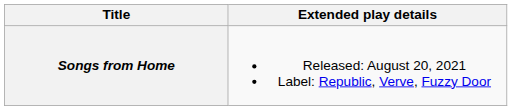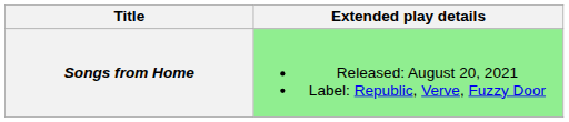 <table class="wikitable plainrowheaders" style="text-align:center;">
 <tr>
 <th scope="col" style="width:16em;">Title</th>
 <th scope="col" style="width:20em;">Extended play details</th>
 </tr>
 <tr>
 <th scope="row"><em>Songs from Home</em><br></th>
-<td><br><ul><li>Released: August 20, 2021</li><li>Label: <a href='#'>Republic</a>, <a href='#'>Verve</a>, <a href='#'>Fuzzy Door</a></li></ul></td>
+<td style="background: lightgreen;"><br><ul><li>Released: August 20, 2021</li><li>Label: <a href='#'>Republic</a>, <a href='#'>Verve</a>, <a href='#'>Fuzzy Door</a></li></ul></td>
 </tr>
 </table>
